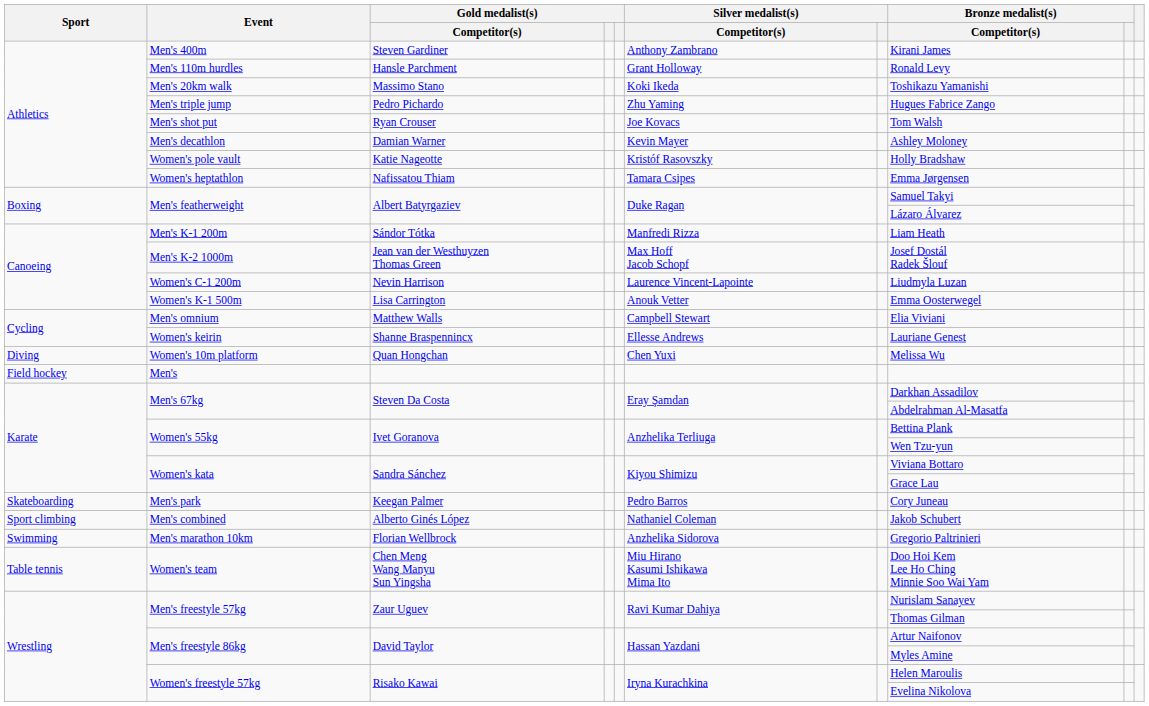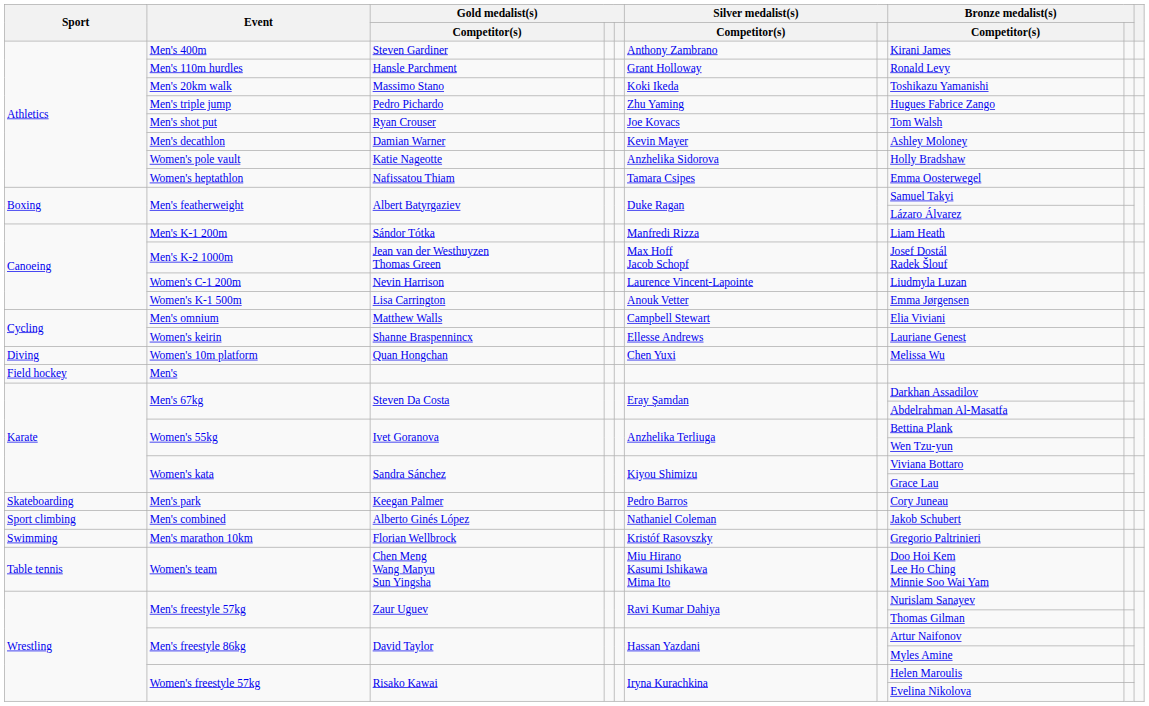 <table class="wikitable" style="width:100%;">
 <tr>
 <th rowspan="2">Sport</th>
 <th rowspan="2">Event</th>
 <th colspan="3">Gold medalist(s)</th>
 <th colspan="2">Silver medalist(s)</th>
 <th colspan="2">Bronze medalist(s)</th>
 <th rowspan="2"></th>
 </tr>
 <tr>
 <th>Competitor(s)</th>
 <th></th>
 <th></th>
 <th>Competitor(s)</th>
 <th></th>
 <th>Competitor(s)</th>
 <th></th>
 </tr>
 <tr>
 <td rowspan="8"><a href='#'>Athletics</a></td>
 <td><a href='#'>Men's 400m</a></td>
 <td><a href='#'>Steven Gardiner</a></td>
 <td></td>
 <td></td>
 <td><a href='#'>Anthony Zambrano</a></td>
 <td></td>
 <td><a href='#'>Kirani James</a></td>
 <td></td>
 <td></td>
 </tr>
 <tr>
 <td><a href='#'>Men's 110m hurdles</a></td>
 <td><a href='#'>Hansle Parchment</a></td>
 <td></td>
 <td></td>
 <td><a href='#'>Grant Holloway</a></td>
 <td></td>
 <td><a href='#'>Ronald Levy</a></td>
 <td></td>
 <td></td>
 </tr>
 <tr>
 <td><a href='#'>Men's 20km walk</a></td>
 <td><a href='#'>Massimo Stano</a></td>
 <td></td>
 <td></td>
 <td><a href='#'>Koki Ikeda</a></td>
 <td></td>
 <td><a href='#'>Toshikazu Yamanishi</a></td>
 <td></td>
 <td></td>
 </tr>
 <tr>
 <td><a href='#'>Men's triple jump</a></td>
 <td><a href='#'>Pedro Pichardo</a></td>
 <td></td>
 <td></td>
 <td><a href='#'>Zhu Yaming</a></td>
 <td></td>
 <td><a href='#'>Hugues Fabrice Zango</a></td>
 <td></td>
 <td></td>
 </tr>
 <tr>
 <td><a href='#'>Men's shot put</a></td>
 <td><a href='#'>Ryan Crouser</a></td>
 <td></td>
 <td></td>
 <td><a href='#'>Joe Kovacs</a></td>
 <td></td>
 <td><a href='#'>Tom Walsh</a></td>
 <td></td>
 <td></td>
 </tr>
 <tr>
 <td><a href='#'>Men's decathlon</a></td>
 <td><a href='#'>Damian Warner</a></td>
 <td></td>
 <td></td>
 <td><a href='#'>Kevin Mayer</a></td>
 <td></td>
 <td><a href='#'>Ashley Moloney</a></td>
 <td></td>
 <td></td>
 </tr>
 <tr>
 <td><a href='#'>Women's pole vault</a></td>
 <td><a href='#'>Katie Nageotte</a></td>
 <td></td>
 <td></td>
-<td><a href='#'>Kristóf Rasovszky</a></td>
+<td><a href='#'>Anzhelika Sidorova</a></td>
 <td></td>
 <td><a href='#'>Holly Bradshaw</a></td>
 <td></td>
 <td></td>
 </tr>
 <tr>
 <td><a href='#'>Women's heptathlon</a></td>
 <td><a href='#'>Nafissatou Thiam</a></td>
 <td></td>
 <td></td>
 <td><a href='#'>Tamara Csipes</a></td>
 <td></td>
-<td><a href='#'>Emma Jørgensen</a></td>
+<td><a href='#'>Emma Oosterwegel</a></td>
 <td></td>
 <td></td>
 </tr>
 <tr>
 <td rowspan="2"><a href='#'>Boxing</a></td>
 <td rowspan="2"><a href='#'>Men's featherweight</a></td>
 <td rowspan="2"><a href='#'>Albert Batyrgaziev</a></td>
 <td rowspan="2"></td>
 <td rowspan="2"></td>
 <td rowspan="2"><a href='#'>Duke Ragan</a></td>
 <td rowspan="2"></td>
 <td><a href='#'>Samuel Takyi</a></td>
 <td></td>
 <td rowspan="2"></td>
 </tr>
 <tr>
 <td><a href='#'>Lázaro Álvarez</a></td>
 <td></td>
 </tr>
 <tr>
 <td rowspan="4"><a href='#'>Canoeing</a></td>
 <td><a href='#'>Men's K-1 200m</a></td>
 <td><a href='#'>Sándor Tótka</a></td>
 <td></td>
 <td></td>
 <td><a href='#'>Manfredi Rizza</a></td>
 <td></td>
 <td><a href='#'>Liam Heath</a></td>
 <td></td>
 <td></td>
 </tr>
 <tr>
 <td><a href='#'>Men's K-2 1000m</a></td>
 <td><a href='#'>Jean van der Westhuyzen</a><br><a href='#'>Thomas Green</a></td>
 <td></td>
 <td></td>
 <td><a href='#'>Max Hoff</a><br><a href='#'>Jacob Schopf</a></td>
 <td></td>
 <td><a href='#'>Josef Dostál</a><br><a href='#'>Radek Šlouf</a></td>
 <td></td>
 <td></td>
 </tr>
 <tr>
 <td><a href='#'>Women's C-1 200m</a></td>
 <td><a href='#'>Nevin Harrison</a></td>
 <td></td>
 <td></td>
 <td><a href='#'>Laurence Vincent-Lapointe</a></td>
 <td></td>
 <td><a href='#'>Liudmyla Luzan</a></td>
 <td></td>
 <td></td>
 </tr>
 <tr>
 <td><a href='#'>Women's K-1 500m</a></td>
 <td><a href='#'>Lisa Carrington</a></td>
 <td></td>
 <td></td>
 <td><a href='#'>Anouk Vetter</a></td>
 <td></td>
-<td><a href='#'>Emma Oosterwegel</a></td>
+<td><a href='#'>Emma Jørgensen</a></td>
 <td></td>
 <td></td>
 </tr>
 <tr>
 <td rowspan="2"><a href='#'>Cycling</a></td>
 <td><a href='#'>Men's omnium</a></td>
 <td><a href='#'>Matthew Walls</a></td>
 <td></td>
 <td></td>
 <td><a href='#'>Campbell Stewart</a></td>
 <td></td>
 <td><a href='#'>Elia Viviani</a></td>
 <td></td>
 <td></td>
 </tr>
 <tr>
 <td><a href='#'>Women's keirin</a></td>
 <td><a href='#'>Shanne Braspennincx</a></td>
 <td></td>
 <td></td>
 <td><a href='#'>Ellesse Andrews</a></td>
 <td></td>
 <td><a href='#'>Lauriane Genest</a></td>
 <td></td>
 <td></td>
 </tr>
 <tr>
 <td><a href='#'>Diving</a></td>
 <td><a href='#'>Women's 10m platform</a></td>
 <td><a href='#'>Quan Hongchan</a></td>
 <td></td>
 <td></td>
 <td><a href='#'>Chen Yuxi</a></td>
 <td></td>
 <td><a href='#'>Melissa Wu</a></td>
 <td></td>
 <td></td>
 </tr>
 <tr>
 <td><a href='#'>Field hockey</a></td>
 <td><a href='#'>Men's</a></td>
 <td></td>
 <td></td>
 <td></td>
 <td></td>
 <td></td>
 <td></td>
 <td></td>
 <td></td>
 </tr>
 <tr>
 <td rowspan="6"><a href='#'>Karate</a></td>
 <td rowspan="2"><a href='#'>Men's 67kg</a></td>
 <td rowspan="2"><a href='#'>Steven Da Costa</a></td>
 <td rowspan="2"></td>
 <td rowspan="2"></td>
 <td rowspan="2"><a href='#'>Eray Şamdan</a></td>
 <td rowspan="2"></td>
 <td><a href='#'>Darkhan Assadilov</a></td>
 <td></td>
 <td rowspan="2"></td>
 </tr>
 <tr>
 <td><a href='#'>Abdelrahman Al-Masatfa</a></td>
 <td></td>
 </tr>
 <tr>
 <td rowspan="2"><a href='#'>Women's 55kg</a></td>
 <td rowspan="2"><a href='#'>Ivet Goranova</a></td>
 <td rowspan="2"></td>
 <td rowspan="2"></td>
 <td rowspan="2"><a href='#'>Anzhelika Terliuga</a></td>
 <td rowspan="2"></td>
 <td><a href='#'>Bettina Plank</a></td>
 <td></td>
 <td rowspan="2"></td>
 </tr>
 <tr>
 <td><a href='#'>Wen Tzu-yun</a></td>
 <td></td>
 </tr>
 <tr>
 <td rowspan="2"><a href='#'>Women's kata</a></td>
 <td rowspan="2"><a href='#'>Sandra Sánchez</a></td>
 <td rowspan="2"></td>
 <td rowspan="2"></td>
 <td rowspan="2"><a href='#'>Kiyou Shimizu</a></td>
 <td rowspan="2"></td>
 <td><a href='#'>Viviana Bottaro</a></td>
 <td></td>
 <td rowspan="2"></td>
 </tr>
 <tr>
 <td><a href='#'>Grace Lau</a></td>
 <td></td>
 </tr>
 <tr>
 <td><a href='#'>Skateboarding</a></td>
 <td><a href='#'>Men's park</a></td>
 <td><a href='#'>Keegan Palmer</a></td>
 <td></td>
 <td></td>
 <td><a href='#'>Pedro Barros</a></td>
 <td></td>
 <td><a href='#'>Cory Juneau</a></td>
 <td></td>
 <td></td>
 </tr>
 <tr>
 <td><a href='#'>Sport climbing</a></td>
 <td><a href='#'>Men's combined</a></td>
 <td><a href='#'>Alberto Ginés López</a></td>
 <td></td>
 <td></td>
 <td><a href='#'>Nathaniel Coleman</a></td>
 <td></td>
 <td><a href='#'>Jakob Schubert</a></td>
 <td></td>
 <td></td>
 </tr>
 <tr>
 <td><a href='#'>Swimming</a></td>
 <td><a href='#'>Men's marathon 10km</a></td>
 <td><a href='#'>Florian Wellbrock</a></td>
 <td></td>
 <td></td>
-<td><a href='#'>Anzhelika Sidorova</a></td>
+<td><a href='#'>Kristóf Rasovszky</a></td>
 <td></td>
 <td><a href='#'>Gregorio Paltrinieri</a></td>
 <td></td>
 <td></td>
 </tr>
 <tr>
 <td><a href='#'>Table tennis</a></td>
 <td><a href='#'>Women's team</a></td>
 <td><a href='#'>Chen Meng</a><br><a href='#'>Wang Manyu</a><br><a href='#'>Sun Yingsha</a></td>
 <td></td>
 <td></td>
 <td><a href='#'>Miu Hirano</a><br><a href='#'>Kasumi Ishikawa</a><br><a href='#'>Mima Ito</a></td>
 <td></td>
 <td><a href='#'>Doo Hoi Kem</a><br><a href='#'>Lee Ho Ching</a><br><a href='#'>Minnie Soo Wai Yam</a></td>
 <td></td>
 <td></td>
 </tr>
 <tr>
 <td rowspan="6"><a href='#'>Wrestling</a></td>
 <td rowspan="2"><a href='#'>Men's freestyle 57kg</a></td>
 <td rowspan="2"><a href='#'>Zaur Uguev</a></td>
 <td rowspan="2"></td>
 <td rowspan="2"></td>
 <td rowspan="2"><a href='#'>Ravi Kumar Dahiya</a></td>
 <td rowspan="2"></td>
 <td><a href='#'>Nurislam Sanayev</a></td>
 <td></td>
 <td rowspan="2"></td>
 </tr>
 <tr>
 <td><a href='#'>Thomas Gilman</a></td>
 <td></td>
 </tr>
 <tr>
 <td rowspan="2"><a href='#'>Men's freestyle 86kg</a></td>
 <td rowspan="2"><a href='#'>David Taylor</a></td>
 <td rowspan="2"></td>
 <td rowspan="2"></td>
 <td rowspan="2"><a href='#'>Hassan Yazdani</a></td>
 <td rowspan="2"></td>
 <td><a href='#'>Artur Naifonov</a></td>
 <td></td>
 <td rowspan="2"></td>
 </tr>
 <tr>
 <td><a href='#'>Myles Amine</a></td>
 <td></td>
 </tr>
 <tr>
 <td rowspan="2"><a href='#'>Women's freestyle 57kg</a></td>
 <td rowspan="2"><a href='#'>Risako Kawai</a></td>
 <td rowspan="2"></td>
 <td rowspan="2"></td>
 <td rowspan="2"><a href='#'>Iryna Kurachkina</a></td>
 <td rowspan="2"></td>
 <td><a href='#'>Helen Maroulis</a></td>
 <td></td>
 <td rowspan="2"></td>
 </tr>
 <tr>
 <td><a href='#'>Evelina Nikolova</a></td>
 <td></td>
 </tr>
 </table>
